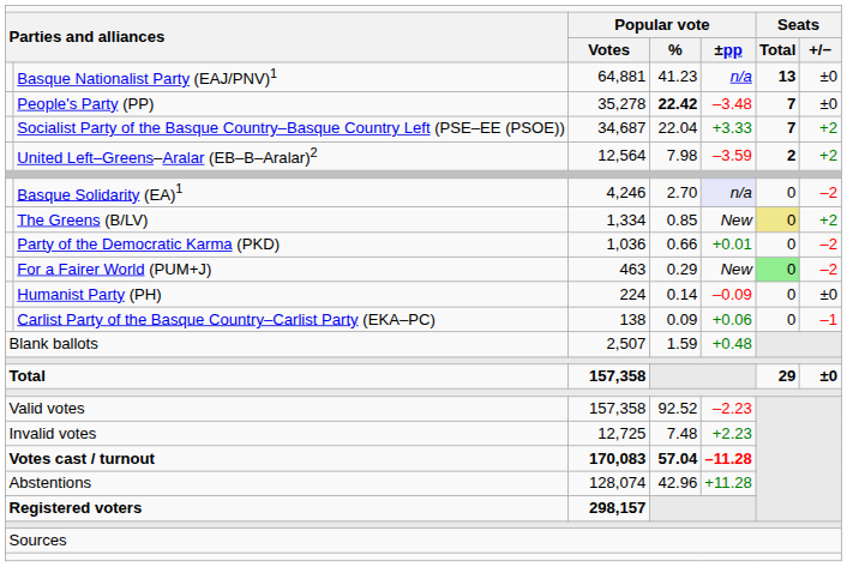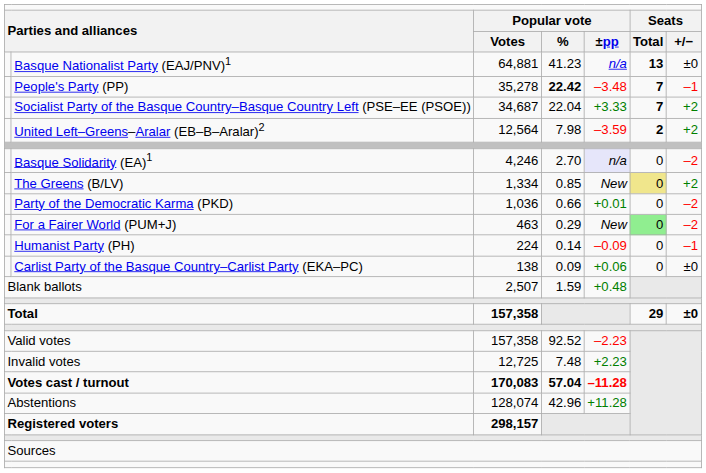 <table class="wikitable" style="text-align:right;">
 <tr>
 <td colspan="7"></td>
 </tr>
 <tr>
 <th style="text-align:left;" rowspan="2" colspan="2" width="525">Parties and alliances</th>
 <th colspan="3">Popular vote</th>
 <th colspan="2">Seats</th>
 </tr>
 <tr>
 <th width="75">Votes</th>
 <th width="45">%</th>
 <th width="45">±<a href='#'>pp</a></th>
 <th width="35">Total</th>
 <th width="35">+/−</th>
 </tr>
 <tr>
 <td width="1" style="color:inherit;background:"></td>
 <td align="left"><a href='#'>Basque Nationalist Party</a> (EAJ/PNV)<sup>1</sup></td>
 <td>64,881</td>
 <td>41.23</td>
 <td><em><a href='#'>n/a</a></em></td>
 <td><strong>13</strong></td>
 <td>±0</td>
 </tr>
 <tr>
 <td style="color:inherit;background:"></td>
 <td align="left"><a href='#'>People's Party</a> (PP)</td>
 <td>35,278</td>
 <td><strong>22.42</strong></td>
 <td style="color:red;">–3.48</td>
 <td><strong>7</strong></td>
-<td>±0</td>
+<td style="color:red;">–1</td>
 </tr>
 <tr>
 <td style="color:inherit;background:"></td>
 <td align="left"><a href='#'>Socialist Party of the Basque Country–Basque Country Left</a> (PSE–EE (PSOE))</td>
 <td>34,687</td>
 <td>22.04</td>
 <td style="color:green;">+3.33</td>
 <td><strong>7</strong></td>
 <td style="color:green;">+2</td>
 </tr>
 <tr>
 <td style="color:inherit;background:"></td>
 <td align="left"><a href='#'>United Left–Greens</a>–<a href='#'>Aralar</a> (EB–B–Aralar)<sup>2</sup></td>
 <td>12,564</td>
 <td>7.98</td>
 <td style="color:red;">–3.59</td>
 <td><strong>2</strong></td>
 <td style="color:green;">+2</td>
 </tr>
 <tr>
 <td colspan="7" bgcolor="#C0C0C0"></td>
 </tr>
 <tr>
 <td style="color:inherit;background:"></td>
 <td align="left"><a href='#'>Basque Solidarity</a> (EA)<sup>1</sup></td>
 <td>4,246</td>
 <td>2.70</td>
 <td style="background: lavender;"><em>n/a</em></td>
 <td>0</td>
 <td style="color:red;">–2</td>
 </tr>
 <tr>
 <td style="color:inherit;background:"></td>
 <td align="left"><a href='#'>The Greens</a> (B/LV)</td>
 <td>1,334</td>
 <td>0.85</td>
 <td><em>New</em></td>
 <td style="background: khaki;">0</td>
 <td style="color:green;">+2</td>
 </tr>
 <tr>
 <td style="color:inherit;background:"></td>
 <td align="left"><a href='#'>Party of the Democratic Karma</a> (PKD)</td>
 <td>1,036</td>
 <td>0.66</td>
 <td style="color:green;">+0.01</td>
 <td>0</td>
 <td style="color:red;">–2</td>
 </tr>
 <tr>
 <td style="color:inherit;background:"></td>
 <td align="left"><a href='#'>For a Fairer World</a> (PUM+J)</td>
 <td>463</td>
 <td>0.29</td>
 <td><em>New</em></td>
 <td style="background: lightgreen;">0</td>
 <td style="color:red;">–2</td>
 </tr>
 <tr>
 <td style="color:inherit;background:"></td>
 <td align="left"><a href='#'>Humanist Party</a> (PH)</td>
 <td>224</td>
 <td>0.14</td>
 <td style="color:red;">–0.09</td>
 <td>0</td>
-<td>±0</td>
+<td style="color:red;">–1</td>
 </tr>
 <tr>
 <td style="color:inherit;background:"></td>
 <td align="left"><a href='#'>Carlist Party of the Basque Country–Carlist Party</a> (EKA–PC)</td>
 <td>138</td>
 <td>0.09</td>
 <td style="color:green;">+0.06</td>
 <td>0</td>
-<td style="color:red;">–1</td>
+<td>±0</td>
 </tr>
 <tr>
 <td align="left" colspan="2">Blank ballots</td>
 <td>2,507</td>
 <td>1.59</td>
 <td style="color:green;">+0.48</td>
 <td bgcolor="#E9E9E9" colspan="2"></td>
 </tr>
 <tr>
 <td colspan="7" bgcolor="#E9E9E9"></td>
 </tr>
 <tr style="font-weight:bold;">
 <td align="left" colspan="2">Total</td>
 <td>157,358</td>
 <td bgcolor="#E9E9E9" colspan="2"></td>
 <td>29</td>
 <td>±0</td>
 </tr>
 <tr>
 <td colspan="7" bgcolor="#E9E9E9"></td>
 </tr>
 <tr>
 <td align="left" colspan="2">Valid votes</td>
 <td>157,358</td>
 <td>92.52</td>
 <td style="color:red;">–2.23</td>
 <td bgcolor="#E9E9E9" colspan="2" rowspan="5"></td>
 </tr>
 <tr>
 <td align="left" colspan="2">Invalid votes</td>
 <td>12,725</td>
 <td>7.48</td>
 <td style="color:green;">+2.23</td>
 </tr>
 <tr style="font-weight:bold;">
 <td align="left" colspan="2">Votes cast / turnout</td>
 <td>170,083</td>
 <td>57.04</td>
 <td style="color:red;">–11.28</td>
 </tr>
 <tr>
 <td align="left" colspan="2">Abstentions</td>
 <td>128,074</td>
 <td>42.96</td>
 <td style="color:green;">+11.28</td>
 </tr>
 <tr style="font-weight:bold;">
 <td align="left" colspan="2">Registered voters</td>
 <td>298,157</td>
 <td bgcolor="#E9E9E9" colspan="2"></td>
 </tr>
 <tr>
 <td colspan="7" bgcolor="#E9E9E9"></td>
 </tr>
 <tr>
 <td align="left" colspan="7">Sources</td>
 </tr>
 <tr>
 <td colspan="7" style="text-align:left; max-width:790px;"></td>
 </tr>
 </table>
